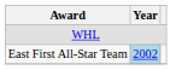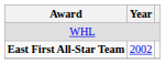 <table class="wikitable">
 <tr>
 <th>Award</th>
 <th>Year</th>
 <th></th>
 </tr>
 <tr ALIGN="center" bgcolor="#e0e0e0">
 <td colspan="3"><a href='#'>WHL</a></td>
 </tr>
 <tr>
-<td>East First All-Star Team</td>
-<td style="background: lightblue;"><a href='#'>2002</a></td>
+<td><strong>East First All-Star Team</strong></td>
+<td><a href='#'>2002</a></td>
 <td></td>
 </tr>
 <tr>
 </tr>
 </table>
